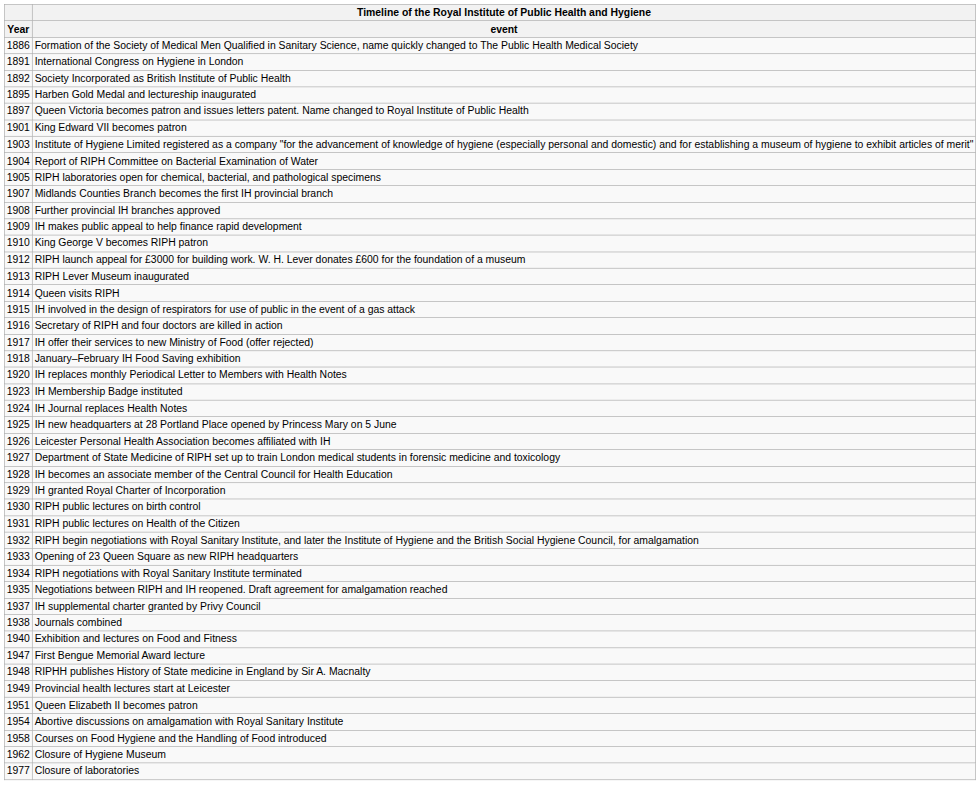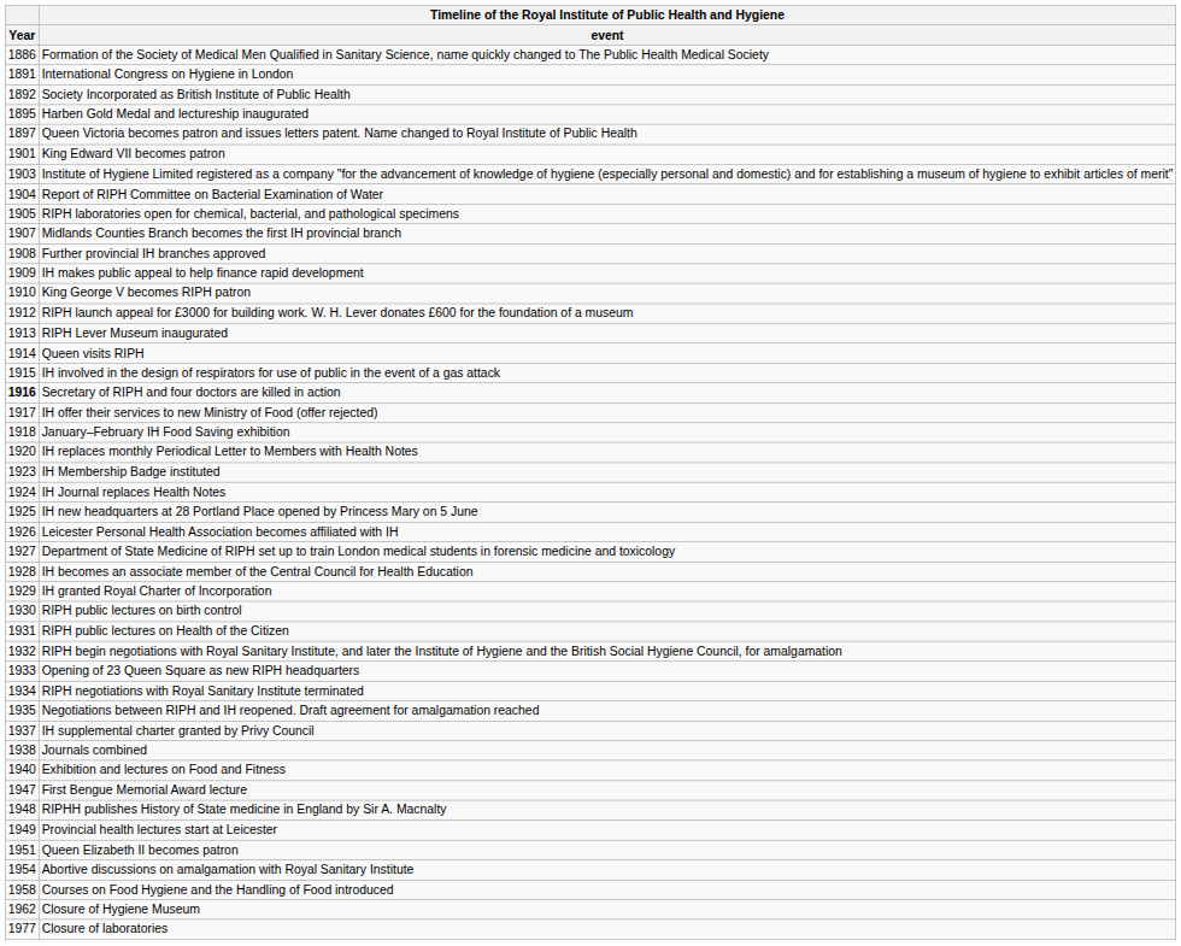 <table class="wikitable">
 <tr>
 <th></th>
 <th>Timeline of the Royal Institute of Public Health and Hygiene</th>
 </tr>
 <tr>
 <th>Year</th>
 <th>event</th>
 </tr>
 <tr>
 <td>1886</td>
 <td>Formation of the Society of Medical Men Qualified in Sanitary Science, name quickly changed to The Public Health Medical Society</td>
 </tr>
 <tr>
 <td>1891</td>
 <td>International Congress on Hygiene in London</td>
 </tr>
 <tr>
 <td>1892</td>
 <td>Society Incorporated as British Institute of Public Health</td>
 </tr>
 <tr>
 <td>1895</td>
 <td>Harben Gold Medal and lectureship inaugurated</td>
 </tr>
 <tr>
 <td>1897</td>
 <td>Queen Victoria becomes patron and issues letters patent. Name changed to Royal Institute of Public Health</td>
 </tr>
 <tr>
 <td>1901</td>
 <td>King Edward VII becomes patron</td>
 </tr>
 <tr>
 <td>1903</td>
 <td>Institute of Hygiene Limited registered as a company "for the advancement of knowledge of hygiene (especially personal and domestic) and for establishing a museum of hygiene to exhibit articles of merit"</td>
 </tr>
 <tr>
 <td>1904</td>
 <td>Report of RIPH Committee on Bacterial Examination of Water</td>
 </tr>
 <tr>
 <td>1905</td>
 <td>RIPH laboratories open for chemical, bacterial, and pathological specimens</td>
 </tr>
 <tr>
 <td>1907</td>
 <td>Midlands Counties Branch becomes the first IH provincial branch</td>
 </tr>
 <tr>
 <td>1908</td>
 <td>Further provincial IH branches approved</td>
 </tr>
 <tr>
 <td>1909</td>
 <td>IH makes public appeal to help finance rapid development</td>
 </tr>
 <tr>
 <td>1910</td>
 <td>King George V becomes RIPH patron</td>
 </tr>
 <tr>
 <td>1912</td>
 <td>RIPH launch appeal for £3000 for building work. W. H. Lever donates £600 for the foundation of a museum</td>
 </tr>
 <tr>
 <td>1913</td>
 <td>RIPH Lever Museum inaugurated</td>
 </tr>
 <tr>
 <td>1914</td>
 <td>Queen visits RIPH</td>
 </tr>
 <tr>
 <td>1915</td>
 <td>IH involved in the design of respirators for use of public in the event of a gas attack</td>
 </tr>
 <tr>
-<td>1916</td>
+<td><strong>1916</strong></td>
 <td>Secretary of RIPH and four doctors are killed in action</td>
 </tr>
 <tr>
 <td>1917</td>
 <td>IH offer their services to new Ministry of Food (offer rejected)</td>
 </tr>
 <tr>
 <td>1918</td>
 <td>January–February IH Food Saving exhibition</td>
 </tr>
 <tr>
 <td>1920</td>
 <td>IH replaces monthly Periodical Letter to Members with Health Notes</td>
 </tr>
 <tr>
 <td>1923</td>
 <td>IH Membership Badge instituted</td>
 </tr>
 <tr>
 <td>1924</td>
 <td>IH Journal replaces Health Notes</td>
 </tr>
 <tr>
 <td>1925</td>
 <td>IH new headquarters at 28 Portland Place opened by Princess Mary on 5 June</td>
 </tr>
 <tr>
 <td>1926</td>
 <td>Leicester Personal Health Association becomes affiliated with IH</td>
 </tr>
 <tr>
 <td>1927</td>
 <td>Department of State Medicine of RIPH set up to train London medical students in forensic medicine and toxicology</td>
 </tr>
 <tr>
 <td>1928</td>
 <td>IH becomes an associate member of the Central Council for Health Education</td>
 </tr>
 <tr>
 <td>1929</td>
 <td>IH granted Royal Charter of Incorporation</td>
 </tr>
 <tr>
 <td>1930</td>
 <td>RIPH public lectures on birth control</td>
 </tr>
 <tr>
 <td>1931</td>
 <td>RIPH public lectures on Health of the Citizen</td>
 </tr>
 <tr>
 <td>1932</td>
 <td>RIPH begin negotiations with Royal Sanitary Institute, and later the Institute of Hygiene and the British Social Hygiene Council, for amalgamation</td>
 </tr>
 <tr>
 <td>1933</td>
 <td>Opening of 23 Queen Square as new RIPH headquarters</td>
 </tr>
 <tr>
 <td>1934</td>
 <td>RIPH negotiations with Royal Sanitary Institute terminated</td>
 </tr>
 <tr>
 <td>1935</td>
 <td>Negotiations between RIPH and IH reopened. Draft agreement for amalgamation reached</td>
 </tr>
 <tr>
 <td>1937</td>
 <td>IH supplemental charter granted by Privy Council</td>
 </tr>
 <tr>
 <td>1938</td>
 <td>Journals combined</td>
 </tr>
 <tr>
 <td>1940</td>
 <td>Exhibition and lectures on Food and Fitness</td>
 </tr>
 <tr>
 <td>1947</td>
 <td>First Bengue Memorial Award lecture</td>
 </tr>
 <tr>
 <td>1948</td>
 <td>RIPHH publishes History of State medicine in England by Sir A. Macnalty</td>
 </tr>
 <tr>
 <td>1949</td>
 <td>Provincial health lectures start at Leicester</td>
 </tr>
 <tr>
 <td>1951</td>
 <td>Queen Elizabeth II becomes patron</td>
 </tr>
 <tr>
 <td>1954</td>
 <td>Abortive discussions on amalgamation with Royal Sanitary Institute</td>
 </tr>
 <tr>
 <td>1958</td>
 <td>Courses on Food Hygiene and the Handling of Food introduced</td>
 </tr>
 <tr>
 <td>1962</td>
 <td>Closure of Hygiene Museum</td>
 </tr>
 <tr>
 <td>1977</td>
 <td>Closure of laboratories</td>
 </tr>
 </table>
